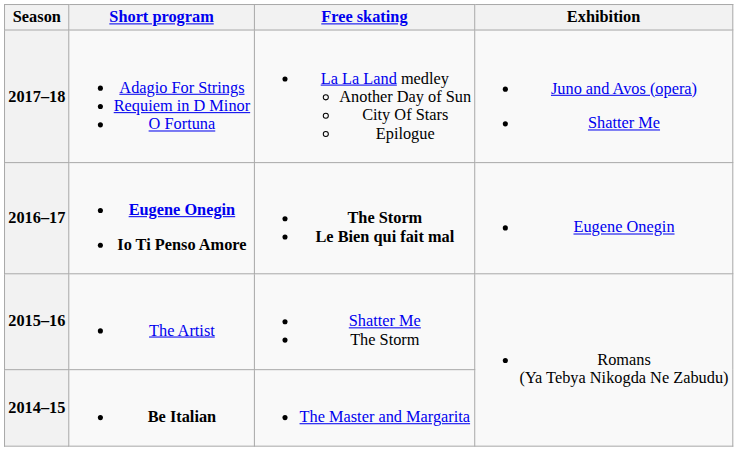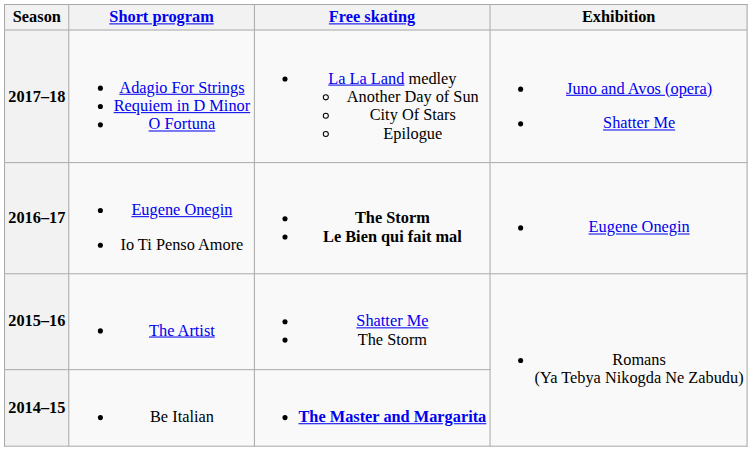 <table class=wikitable style=text-align:center>
 <tr>
 <th>Season</th>
 <th><a href='#'>Short program</a></th>
 <th><a href='#'>Free skating</a></th>
 <th>Exhibition</th>
 </tr>
 <tr>
 <th>2017–18 <br> </th>
 <td><br><ul><li><a href='#'>Adagio For Strings</a> <br></li><li><a href='#'>Requiem in D Minor</a> <br></li><li><a href='#'>O Fortuna</a> <br></li></ul></td>
 <td><br><ul><li><a href='#'>La La Land</a> medley<ul><li>Another Day of Sun</li><li>City Of Stars</li><li>Epilogue <br></li></ul></li></ul></td>
 <td><br><ul><li><a href='#'>Juno and Avos (opera)</a> <br></li></ul><ul><li><a href='#'>Shatter Me</a> <br></li></ul></td>
 </tr>
 <tr>
 <th>2016–17 <br> </th>
-<td><strong><br><ul><li><a href='#'>Eugene Onegin</a></li></ul><ul><li>Io Ti Penso Amore <br></li></ul></strong></td>
+<td><br><ul><li><a href='#'>Eugene Onegin</a></li></ul><ul><li>Io Ti Penso Amore <br></li></ul></td>
 <td><strong><br><ul><li>The Storm <br></li><li>Le Bien qui fait mal <br></li></ul></strong></td>
 <td><br><ul><li><a href='#'>Eugene Onegin</a></li></ul></td>
 </tr>
 <tr>
 <th>2015–16 <br> </th>
 <td><br><ul><li><a href='#'>The Artist</a> <br></li></ul></td>
 <td><br><ul><li><a href='#'>Shatter Me</a> <br></li><li>The Storm <br></li></ul></td>
 <td rowspan=2><br><ul><li>Romans <br>(Ya Tebya Nikogda Ne Zabudu) <br></li></ul></td>
 </tr>
 <tr>
 <th>2014–15 <br> </th>
-<td><strong><br><ul><li>Be Italian <br></li></ul></strong></td>
-<td><br><ul><li><a href='#'>The Master and Margarita</a> <br></li></ul></td>
+<td><br><ul><li>Be Italian <br></li></ul></td>
+<td><strong><br><ul><li><a href='#'>The Master and Margarita</a> <br></li></ul></strong></td>
 </tr>
 </table>
